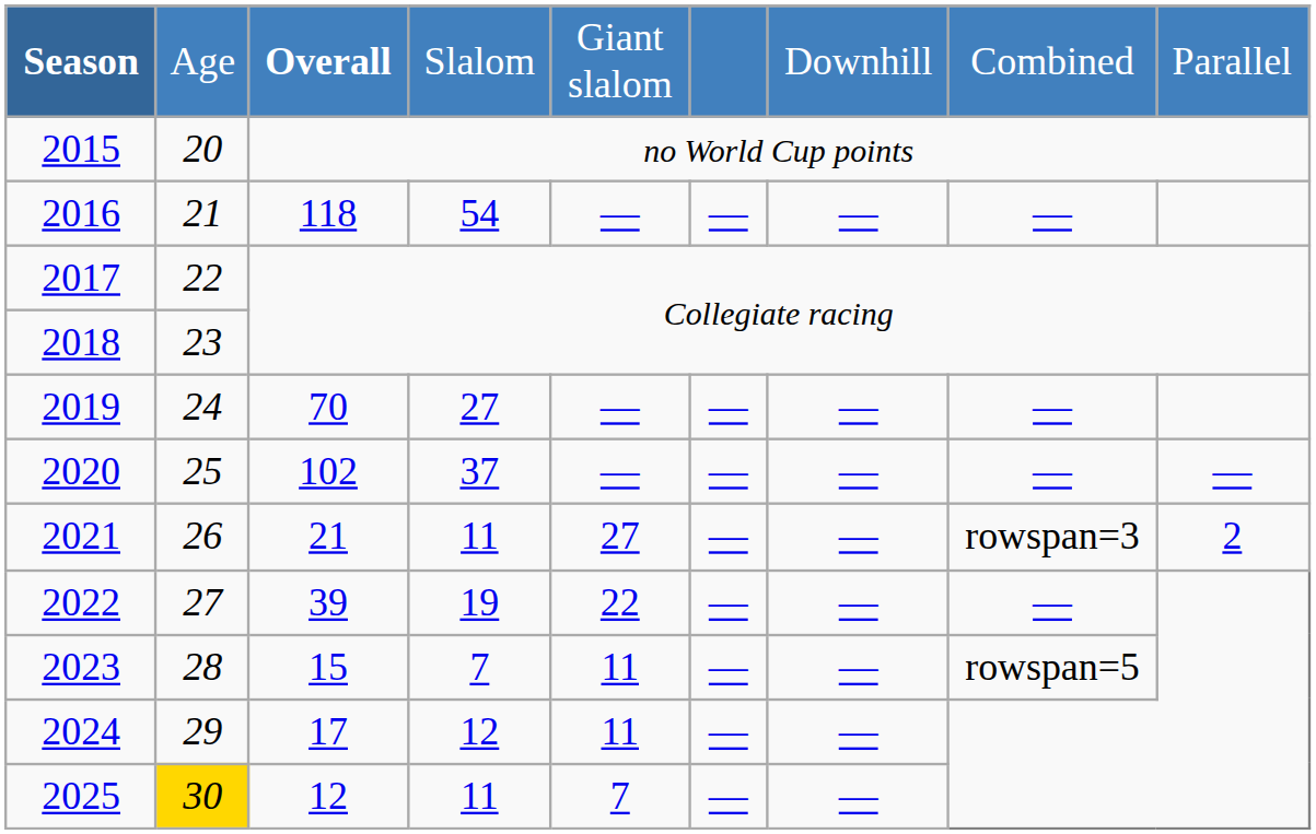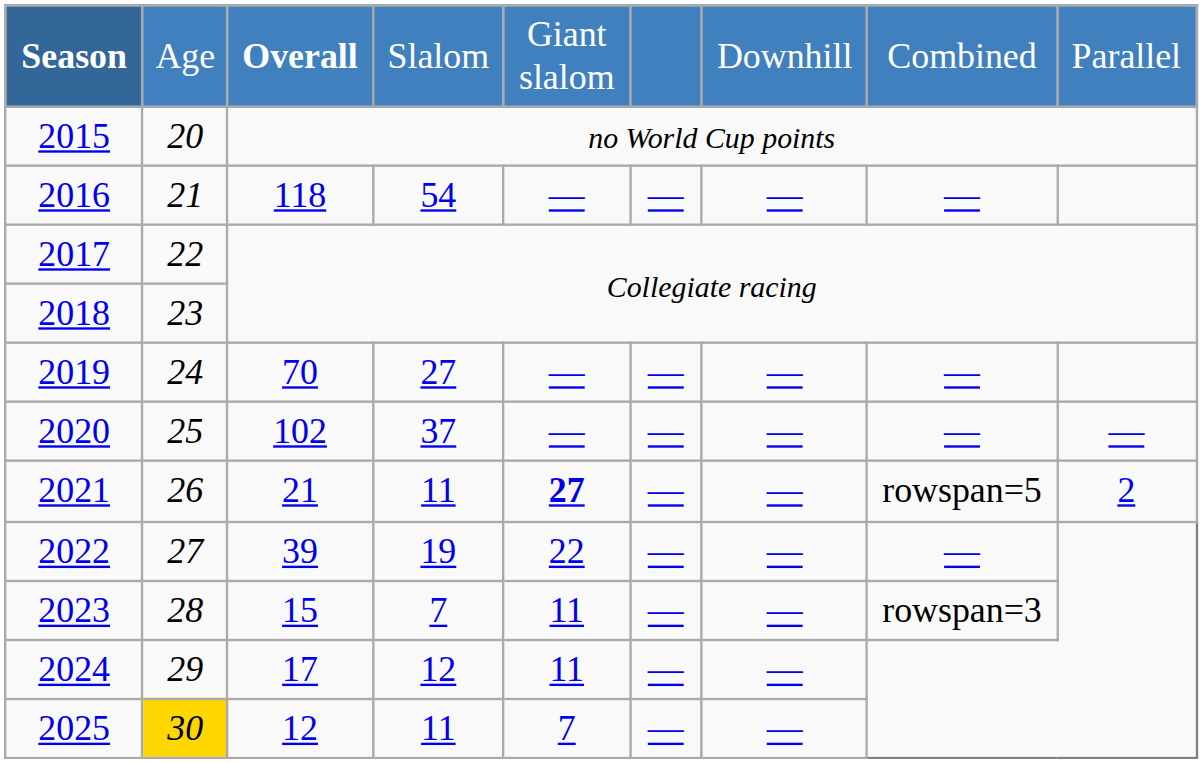 <table class="wikitable"  style="font-size:95%; text-align:center; border:gray solid 1px; width:40%;">
 <tr style="background:#369; color:white;">
 <td rowspan="2" style="width:6%;"><strong>Season</strong></td>
 </tr>
 <tr style="background:#4180be; color:white;">
 <td style="width:3%;">Age</td>
 <td style="width:5%;"><strong>Overall</strong></td>
 <td style="width:5%;">Slalom</td>
 <td style="width:5%;">Giant<br>slalom</td>
 <td style="width:5%;"></td>
 <td style="width:5%;">Downhill</td>
 <td style="width:5%;">Combined</td>
 <td style="width:5%;">Parallel</td>
 </tr>
 <tr>
 <td><a href='#'>2015</a></td>
 <td><em>20</em></td>
 <td colspan=7><small><em>no World Cup points</em></small></td>
 </tr>
 <tr>
 <td><a href='#'>2016</a></td>
 <td><em>21</em></td>
 <td><a href='#'>118</a></td>
 <td><a href='#'>54</a></td>
 <td><a href='#'>—</a></td>
 <td><a href='#'>—</a></td>
 <td><a href='#'>—</a></td>
 <td><a href='#'>—</a></td>
 <td></td>
 </tr>
 <tr>
 <td><a href='#'>2017</a></td>
 <td><em>22</em></td>
 <td colspan=7 rowspan=2><small><em>Collegiate racing</em></small></td>
 </tr>
 <tr>
 <td><a href='#'>2018</a></td>
 <td><em>23</em></td>
 </tr>
 <tr>
 <td><a href='#'>2019</a></td>
 <td><em>24</em></td>
 <td><a href='#'>70</a></td>
 <td><a href='#'>27</a></td>
 <td><a href='#'>—</a></td>
 <td><a href='#'>—</a></td>
 <td><a href='#'>—</a></td>
 <td><a href='#'>—</a></td>
 <td></td>
 </tr>
 <tr>
 <td><a href='#'>2020</a></td>
 <td><em>25</em></td>
 <td><a href='#'>102</a></td>
 <td><a href='#'>37</a></td>
 <td><a href='#'>—</a></td>
 <td><a href='#'>—</a></td>
 <td><a href='#'>—</a></td>
 <td><a href='#'>—</a></td>
 <td><a href='#'>—</a></td>
 </tr>
 <tr>
 <td><a href='#'>2021</a></td>
 <td><em>26</em></td>
 <td><a href='#'>21</a></td>
 <td><a href='#'>11</a></td>
-<td><a href='#'>27</a></td>
+<td><strong><a href='#'>27</a></strong></td>
 <td><a href='#'>—</a></td>
 <td><a href='#'>—</a></td>
-<td>rowspan=3</td>
+<td>rowspan=5</td>
 <td><a href='#'>2</a></td>
 </tr>
 <tr>
 <td><a href='#'>2022</a></td>
 <td><em>27</em></td>
 <td><a href='#'>39</a></td>
 <td><a href='#'>19</a></td>
 <td><a href='#'>22</a></td>
 <td><a href='#'>—</a></td>
 <td><a href='#'>—</a></td>
 <td><a href='#'>—</a></td>
 </tr>
 <tr>
 <td><a href='#'>2023</a></td>
 <td><em>28</em></td>
 <td><a href='#'>15</a></td>
 <td><a href='#'>7</a></td>
 <td><a href='#'>11</a></td>
 <td><a href='#'>—</a></td>
 <td><a href='#'>—</a></td>
-<td>rowspan=5</td>
+<td>rowspan=3</td>
 </tr>
 <tr>
 <td><a href='#'>2024</a></td>
 <td><em>29</em></td>
 <td><a href='#'>17</a></td>
 <td><a href='#'>12</a></td>
 <td><a href='#'>11</a></td>
 <td><a href='#'>—</a></td>
 <td><a href='#'>—</a></td>
 </tr>
 <tr>
 <td><a href='#'>2025</a></td>
 <td style="background: gold;"><em>30</em></td>
 <td><a href='#'>12</a></td>
 <td><a href='#'>11</a></td>
 <td><a href='#'>7</a></td>
 <td><a href='#'>—</a></td>
 <td><a href='#'>—</a></td>
 </tr>
 </table>
